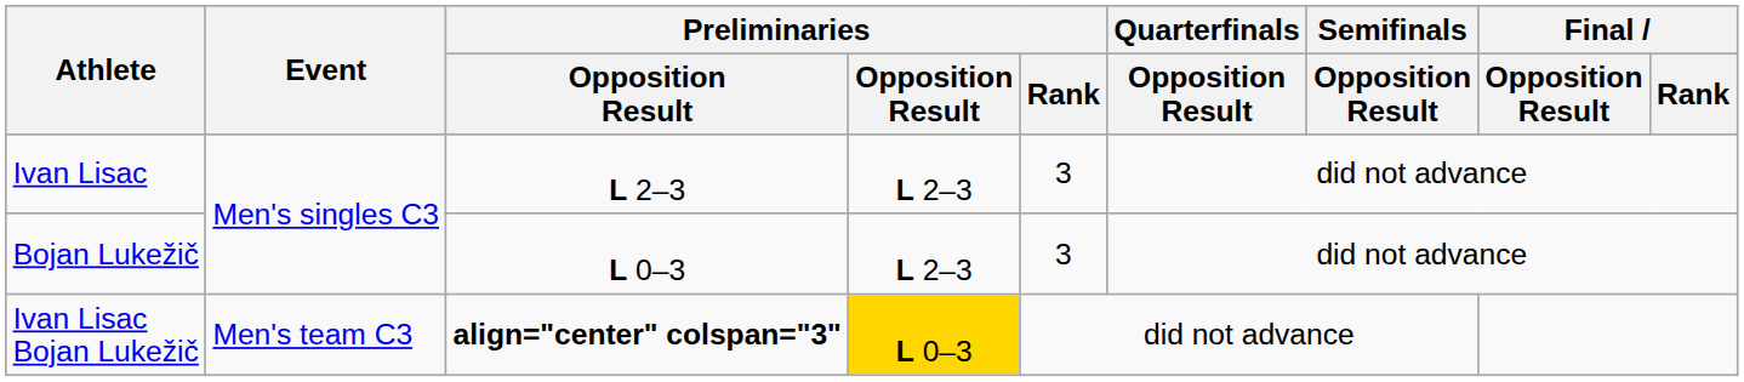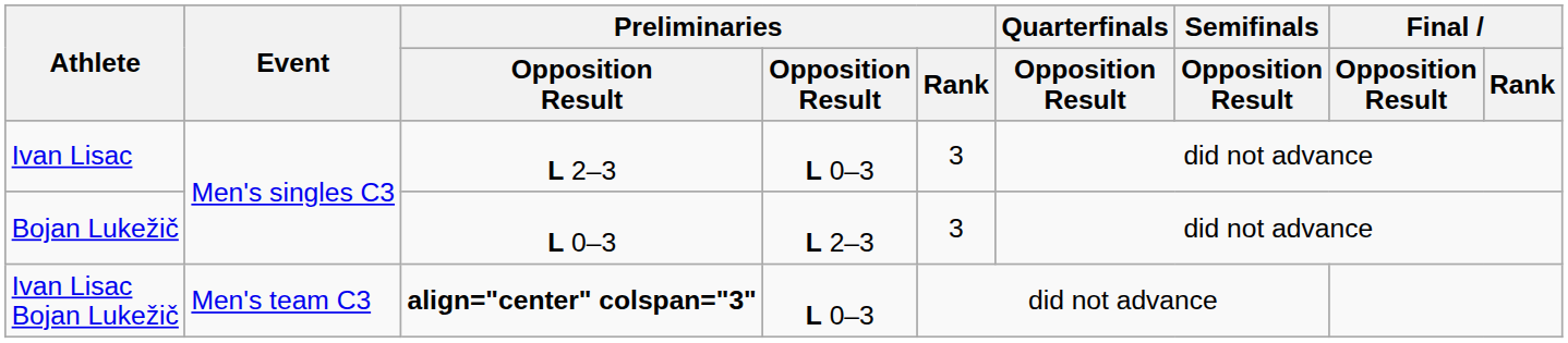 <table class=wikitable style="font-size:90%">
 <tr>
 <th rowspan="2">Athlete</th>
 <th rowspan="2">Event</th>
 <th colspan="3">Preliminaries</th>
 <th>Quarterfinals</th>
 <th>Semifinals</th>
 <th colspan="2">Final / </th>
 </tr>
 <tr>
 <th>Opposition<br>Result</th>
 <th>Opposition<br>Result</th>
 <th>Rank</th>
 <th>Opposition<br>Result</th>
 <th>Opposition<br>Result</th>
 <th>Opposition<br>Result</th>
 <th>Rank</th>
 </tr>
 <tr>
 <td><a href='#'>Ivan Lisac</a></td>
 <td rowspan="2"><a href='#'>Men's singles C3</a></td>
 <td align="center"><br><strong>L</strong> 2–3</td>
-<td align="center"><br><strong>L</strong> 2–3</td>
+<td align="center"><br><strong>L</strong> 0–3</td>
 <td align="center">3</td>
 <td align="center" colspan="4">did not advance</td>
 </tr>
 <tr>
 <td><a href='#'>Bojan Lukežič</a></td>
 <td align="center"><br><strong>L</strong> 0–3</td>
 <td align="center"><br><strong>L</strong> 2–3</td>
 <td align="center">3</td>
 <td align="center" colspan="4">did not advance</td>
 </tr>
 <tr>
 <td><a href='#'>Ivan Lisac</a><br><a href='#'>Bojan Lukežič</a></td>
 <td><a href='#'>Men's team C3</a></td>
 <td><strong>align="center" colspan="3" </strong></td>
-<td align="center" style="background: gold;"><br><strong>L</strong> 0–3</td>
+<td align="center"><br><strong>L</strong> 0–3</td>
 <td align="center" colspan="3">did not advance</td>
 </tr>
 </table>
